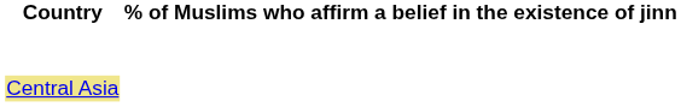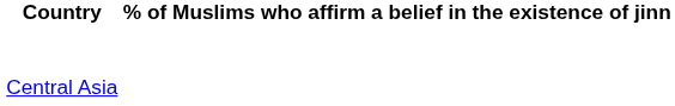 <table>
 <tr>
 <th>Country</th>
 <th>% of Muslims who affirm a belief in the existence of jinn</th>
 </tr>
 <tr>
 <td></td>
 <td></td>
 </tr>
 <tr>
 <td></td>
 <td></td>
 </tr>
 <tr>
 <td></td>
 <td></td>
 </tr>
 <tr>
 <td></td>
 <td></td>
 </tr>
 <tr>
 <td></td>
 <td></td>
 </tr>
 <tr>
 <td></td>
 <td></td>
 </tr>
 <tr>
 <td></td>
 <td></td>
 </tr>
 <tr>
 <td></td>
 <td></td>
 </tr>
 <tr>
 <td></td>
 <td></td>
 </tr>
 <tr>
-<td style="background: khaki;"><a href='#'>Central Asia</a></td>
+<td><a href='#'>Central Asia</a></td>
 <td></td>
 </tr>
 </table>
